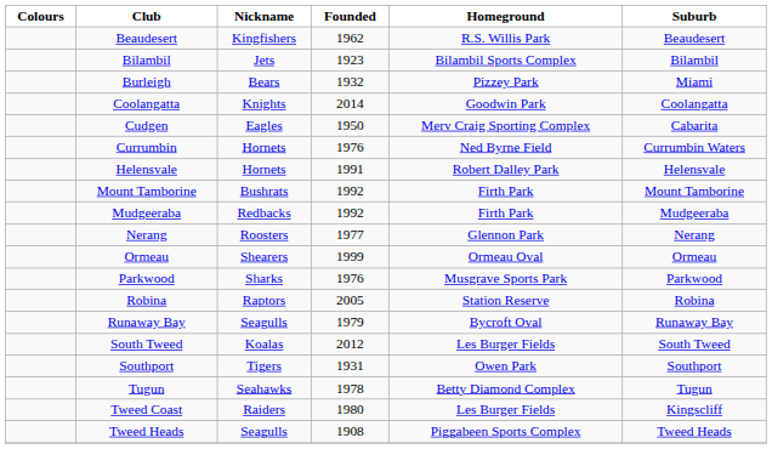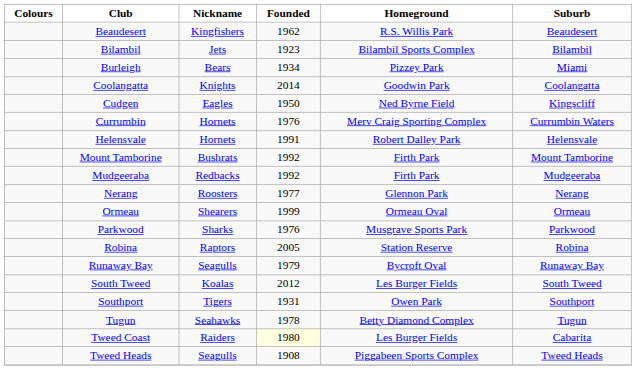 <table class="wikitable" style="width:100%; text-align:center">
 <tr>
 <th style="background:white;">Colours</th>
 <th style="background:white;">Club</th>
 <th style="background:white;">Nickname</th>
 <th style="background:white;">Founded</th>
 <th style="background:white;">Homeground</th>
 <th style="background:white;">Suburb</th>
 </tr>
 <tr>
 <td align=left></td>
 <td><a href='#'>Beaudesert</a></td>
 <td><a href='#'>Kingfishers</a></td>
 <td>1962</td>
 <td><a href='#'>R.S. Willis Park</a></td>
 <td><a href='#'>Beaudesert</a></td>
 </tr>
 <tr>
 <td align=left></td>
 <td><a href='#'>Bilambil</a></td>
 <td><a href='#'>Jets</a></td>
 <td>1923</td>
 <td><a href='#'>Bilambil Sports Complex</a></td>
 <td><a href='#'>Bilambil</a></td>
 </tr>
 <tr>
 <td align=left></td>
 <td><a href='#'>Burleigh</a></td>
 <td><a href='#'>Bears</a></td>
-<td>1932</td>
+<td>1934</td>
 <td><a href='#'>Pizzey Park</a></td>
 <td><a href='#'>Miami</a></td>
 </tr>
 <tr>
 <td align=left></td>
 <td><a href='#'>Coolangatta</a></td>
 <td><a href='#'>Knights</a></td>
 <td>2014</td>
 <td><a href='#'>Goodwin Park</a></td>
 <td><a href='#'>Coolangatta</a></td>
 </tr>
 <tr>
 <td align=left></td>
 <td><a href='#'>Cudgen</a></td>
 <td><a href='#'>Eagles</a></td>
 <td>1950</td>
-<td><a href='#'>Merv Craig Sporting Complex</a></td>
-<td><a href='#'>Cabarita</a></td>
+<td><a href='#'>Ned Byrne Field</a></td>
+<td><a href='#'>Kingscliff</a></td>
 </tr>
 <tr>
 <td align=left></td>
 <td><a href='#'>Currumbin</a></td>
 <td><a href='#'>Hornets</a></td>
 <td>1976</td>
-<td><a href='#'>Ned Byrne Field</a></td>
+<td><a href='#'>Merv Craig Sporting Complex</a></td>
 <td><a href='#'>Currumbin Waters</a></td>
 </tr>
 <tr>
 <td align=left></td>
 <td><a href='#'>Helensvale</a></td>
 <td><a href='#'>Hornets</a></td>
 <td>1991</td>
 <td><a href='#'>Robert Dalley Park</a></td>
 <td><a href='#'>Helensvale</a></td>
 </tr>
 <tr>
 <td align=left></td>
 <td><a href='#'>Mount Tamborine</a></td>
 <td><a href='#'>Bushrats</a></td>
 <td>1992</td>
 <td><a href='#'>Firth Park</a></td>
 <td><a href='#'>Mount Tamborine</a></td>
 </tr>
 <tr>
 <td align=left></td>
 <td><a href='#'>Mudgeeraba</a></td>
 <td><a href='#'>Redbacks</a></td>
 <td>1992</td>
 <td><a href='#'>Firth Park</a></td>
 <td><a href='#'>Mudgeeraba</a></td>
 </tr>
 <tr>
 <td align=left></td>
 <td><a href='#'>Nerang</a></td>
 <td><a href='#'>Roosters</a></td>
 <td>1977</td>
 <td><a href='#'>Glennon Park</a></td>
 <td><a href='#'>Nerang</a></td>
 </tr>
 <tr>
 <td align=left></td>
 <td><a href='#'>Ormeau</a></td>
 <td><a href='#'>Shearers</a></td>
 <td>1999</td>
 <td><a href='#'>Ormeau Oval</a></td>
 <td><a href='#'>Ormeau</a></td>
 </tr>
 <tr>
 <td align=left></td>
 <td><a href='#'>Parkwood</a></td>
 <td><a href='#'>Sharks</a></td>
 <td>1976</td>
 <td><a href='#'>Musgrave Sports Park</a></td>
 <td><a href='#'>Parkwood</a></td>
 </tr>
 <tr>
 <td align=left></td>
 <td><a href='#'>Robina</a></td>
 <td><a href='#'>Raptors</a></td>
 <td>2005</td>
 <td><a href='#'>Station Reserve</a></td>
 <td><a href='#'>Robina</a></td>
 </tr>
 <tr>
 <td align=left></td>
 <td><a href='#'>Runaway Bay</a></td>
 <td><a href='#'>Seagulls</a></td>
 <td>1979</td>
 <td><a href='#'>Bycroft Oval</a></td>
 <td><a href='#'>Runaway Bay</a></td>
 </tr>
 <tr>
 <td align=left></td>
 <td><a href='#'>South Tweed</a></td>
 <td><a href='#'>Koalas</a></td>
 <td>2012</td>
 <td><a href='#'>Les Burger Fields</a></td>
 <td><a href='#'>South Tweed</a></td>
 </tr>
 <tr>
 <td align=left></td>
 <td><a href='#'>Southport</a></td>
 <td><a href='#'>Tigers</a></td>
 <td>1931</td>
 <td><a href='#'>Owen Park</a></td>
 <td><a href='#'>Southport</a></td>
 </tr>
 <tr>
 <td align=left></td>
 <td><a href='#'>Tugun</a></td>
 <td><a href='#'>Seahawks</a></td>
 <td>1978</td>
 <td><a href='#'>Betty Diamond Complex</a></td>
 <td><a href='#'>Tugun</a></td>
 </tr>
 <tr>
 <td align=left></td>
 <td><a href='#'>Tweed Coast</a></td>
 <td><a href='#'>Raiders</a></td>
-<td>1980</td>
+<td style="background: lightyellow;">1980</td>
 <td><a href='#'>Les Burger Fields</a></td>
-<td><a href='#'>Kingscliff</a></td>
+<td><a href='#'>Cabarita</a></td>
 </tr>
 <tr>
 <td align=left></td>
 <td><a href='#'>Tweed Heads</a></td>
 <td><a href='#'>Seagulls</a></td>
 <td>1908</td>
 <td><a href='#'>Piggabeen Sports Complex</a></td>
 <td><a href='#'>Tweed Heads</a></td>
 </tr>
 <tr>
 </tr>
 </table>
